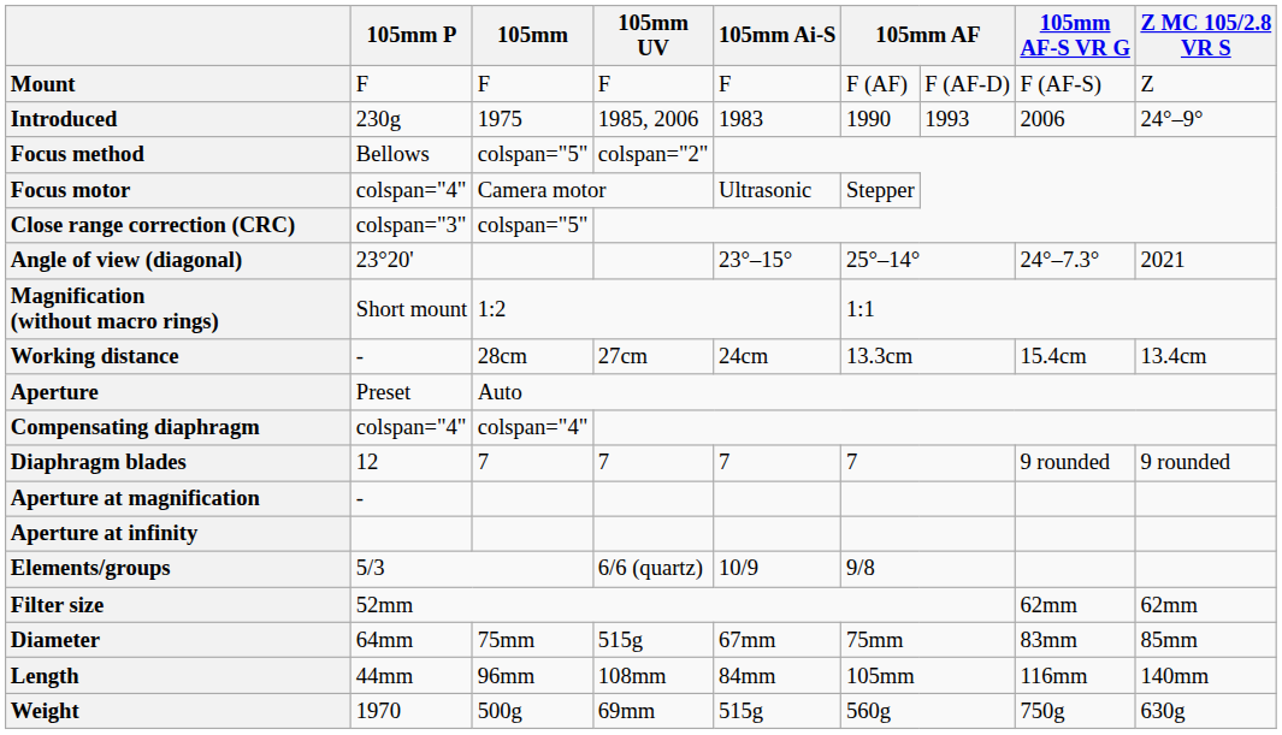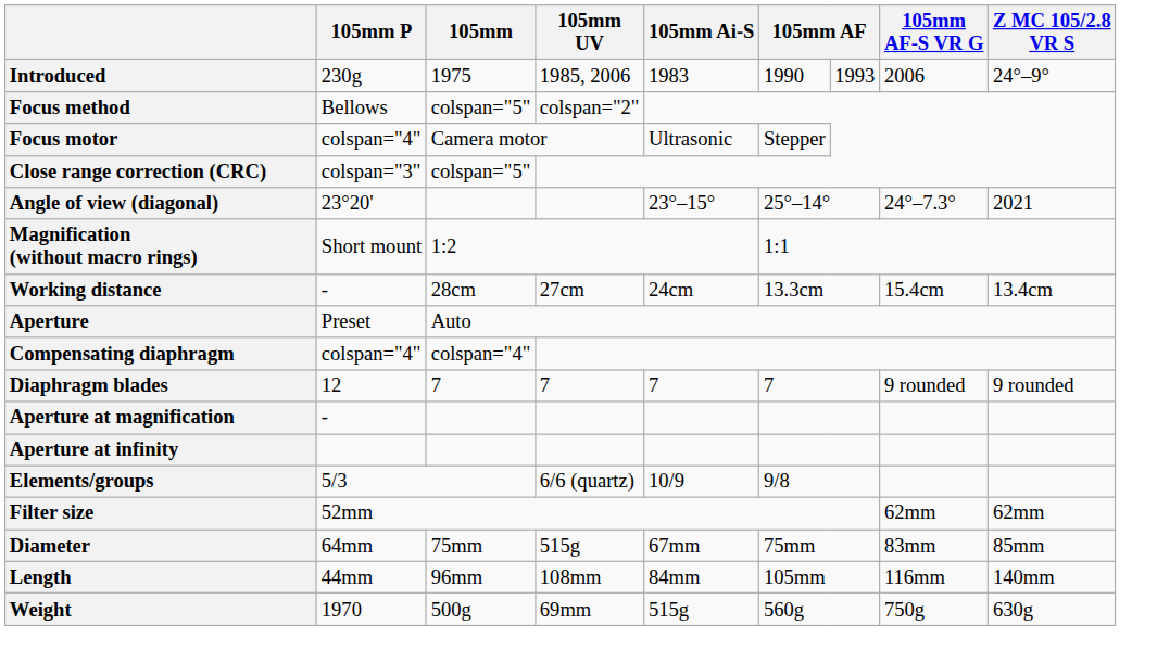 <table class="wikitable">
 <tr>
 <th style="width: 15em"></th>
 <th>105mm  P</th>
 <th>105mm </th>
 <th>105mm <br>UV</th>
 <th>105mm  Ai‑S</th>
 <th colspan="2">105mm  AF</th>
 <th><a href='#'>105mm <br>AF‑S VR G</a></th>
 <th><a href='#'>Z MC 105/2.8<br>VR S</a></th>
-</tr>
-<tr>
-<th style="text-align: left">Mount</th>
-<td>F</td>
-<td>F</td>
-<td>F</td>
-<td>F</td>
-<td>F (AF)</td>
-<td>F (AF‑D)</td>
-<td>F (AF‑S)</td>
-<td>Z</td>
 </tr>
 <tr>
 <th style="text-align: left">Introduced</th>
 <td>230g</td>
 <td>1975</td>
 <td>1985, 2006</td>
 <td>1983</td>
 <td>1990</td>
 <td>1993</td>
 <td>2006</td>
 <td>24°–9°</td>
 </tr>
 <tr>
 <th style="text-align: left">Focus method</th>
 <td>Bellows</td>
 <td>colspan="5" </td>
 <td>colspan="2" </td>
 </tr>
 <tr>
 <th style="text-align: left">Focus motor</th>
 <td>colspan="4" </td>
 <td colspan="2">Camera motor</td>
 <td>Ultrasonic</td>
 <td>Stepper</td>
 </tr>
 <tr>
 <th style="text-align: left">Close range correction (CRC)</th>
 <td>colspan="3" </td>
 <td>colspan="5" </td>
 </tr>
 <tr>
 <th style="text-align: left">Angle of view (diagonal)</th>
 <td>23°20'</td>
 <td></td>
 <td></td>
 <td>23°–15°</td>
 <td colspan="2">25°–14°</td>
 <td>24°–7.3°</td>
 <td>2021</td>
 </tr>
 <tr>
 <th style="text-align: left">Magnification<br>(without macro rings)</th>
 <td>Short mount</td>
 <td colspan="3">1:2</td>
 <td colspan="4">1:1</td>
 </tr>
 <tr>
 <th style="text-align: left">Working distance</th>
 <td>-</td>
 <td>28cm</td>
 <td>27cm</td>
 <td>24cm</td>
 <td colspan="2">13.3cm</td>
 <td>15.4cm</td>
 <td>13.4cm</td>
 </tr>
 <tr>
 <th style="text-align: left">Aperture</th>
 <td>Preset</td>
 <td colspan="7">Auto</td>
 </tr>
 <tr>
 <th style="text-align: left">Compensating diaphragm</th>
 <td>colspan="4" </td>
 <td>colspan="4" </td>
 </tr>
 <tr>
 <th style="text-align: left">Diaphragm blades</th>
 <td>12</td>
 <td>7</td>
 <td>7</td>
 <td>7</td>
 <td colspan="2">7</td>
 <td>9 rounded</td>
 <td>9 rounded</td>
 </tr>
 <tr>
 <th style="text-align: left">Aperture at magnification</th>
 <td>-</td>
 <td></td>
 <td></td>
 <td></td>
 <td colspan="2"></td>
 <td></td>
 <td></td>
 </tr>
 <tr>
 <th style="text-align: left">Aperture at infinity</th>
 <td></td>
 <td></td>
 <td></td>
 <td></td>
 <td colspan="2"></td>
 <td></td>
 <td></td>
 </tr>
 <tr>
 <th style="text-align: left">Elements/groups</th>
 <td colspan="2">5/3</td>
 <td>6/6 (quartz)</td>
 <td>10/9</td>
 <td colspan="2">9/8</td>
 <td></td>
 <td></td>
 </tr>
 <tr>
 <th style="text-align: left">Filter size</th>
 <td colspan="6">52mm</td>
 <td>62mm</td>
 <td>62mm</td>
 </tr>
 <tr>
 <th style="text-align: left">Diameter</th>
 <td>64mm</td>
 <td>75mm</td>
 <td>515g</td>
 <td>67mm</td>
 <td colspan="2">75mm</td>
 <td>83mm</td>
 <td>85mm</td>
 </tr>
 <tr>
 <th style="text-align: left">Length</th>
 <td>44mm</td>
 <td>96mm</td>
 <td>108mm</td>
 <td>84mm</td>
 <td colspan="2">105mm</td>
 <td>116mm</td>
 <td>140mm</td>
 </tr>
 <tr>
 <th style="text-align: left">Weight</th>
 <td>1970</td>
 <td>500g</td>
 <td>69mm</td>
 <td>515g</td>
 <td colspan="2">560g</td>
 <td>750g</td>
 <td>630g</td>
 </tr>
 </table>
